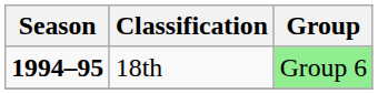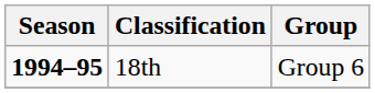 <table class="wikitable">
 <tr>
 <th>Season</th>
 <th>Classification</th>
 <th colspan="2">Group</th>
 </tr>
 <tr>
 <td align="center"><strong>1994–95</strong></td>
 <td>18th</td>
-<td style="background: lightgreen;">Group 6</td>
+<td>Group 6</td>
 </tr>
 <tr>
 </tr>
 </table>
